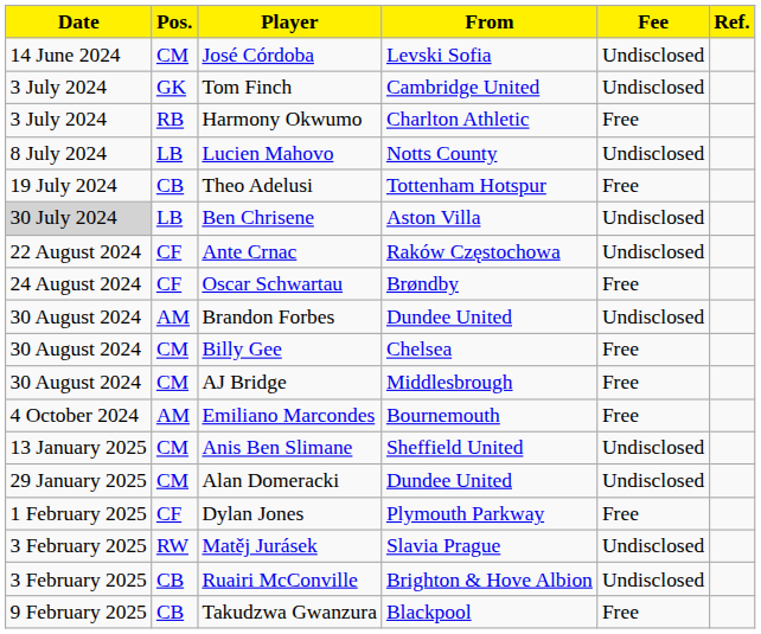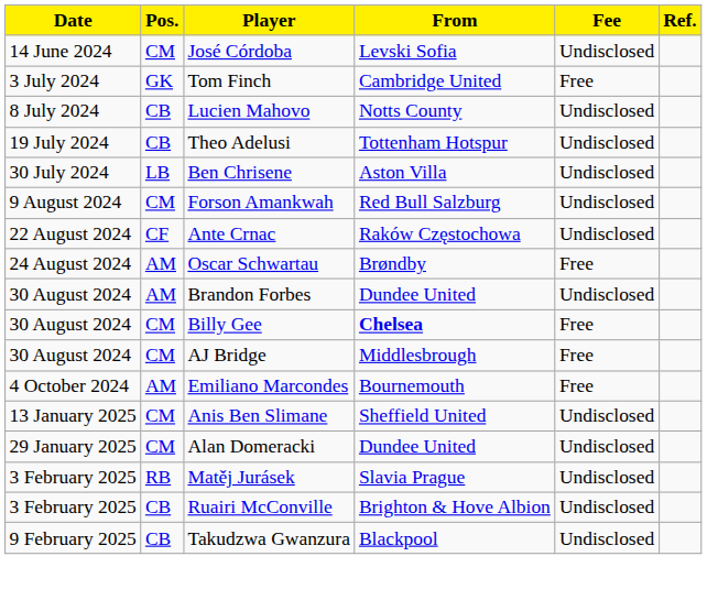 <table class="wikitable plainrowheaders sortable">
 <tr>
 <th style="background:#fff000;color:#000000;">Date</th>
 <th style="background:#fff000;color:#000000;">Pos.</th>
 <th style="background:#fff000;color:#000000;">Player</th>
 <th style="background:#fff000;color:#000000;">From</th>
 <th style="background:#fff000;color:#000000;">Fee</th>
 <th style="background:#fff000;color:#000000;">Ref.</th>
 </tr>
 <tr>
 <td>14 June 2024</td>
 <td><a href='#'>CM</a></td>
 <td> <a href='#'>José Córdoba</a></td>
 <td> <a href='#'>Levski Sofia</a></td>
 <td>Undisclosed</td>
 <td></td>
 </tr>
 <tr>
 <td>3 July 2024</td>
 <td><a href='#'>GK</a></td>
 <td> Tom Finch</td>
 <td> <a href='#'>Cambridge United</a></td>
-<td>Undisclosed</td>
-<td></td>
-</tr>
-<tr>
-<td>3 July 2024</td>
-<td><a href='#'>RB</a></td>
-<td> Harmony Okwumo</td>
-<td> <a href='#'>Charlton Athletic</a></td>
 <td>Free</td>
 <td></td>
 </tr>
 <tr>
 <td>8 July 2024</td>
-<td><a href='#'>LB</a></td>
+<td><a href='#'>CB</a></td>
 <td> <a href='#'>Lucien Mahovo</a></td>
 <td> <a href='#'>Notts County</a></td>
 <td>Undisclosed</td>
 <td></td>
 </tr>
 <tr>
 <td>19 July 2024</td>
 <td><a href='#'>CB</a></td>
 <td> Theo Adelusi</td>
 <td> <a href='#'>Tottenham Hotspur</a></td>
-<td>Free</td>
+<td>Undisclosed</td>
 <td></td>
 </tr>
 <tr>
-<td style="background: lightgrey;">30 July 2024</td>
+<td>30 July 2024</td>
 <td><a href='#'>LB</a></td>
 <td> <a href='#'>Ben Chrisene</a></td>
 <td> <a href='#'>Aston Villa</a></td>
+<td>Undisclosed</td>
+<td></td>
+</tr>
+<tr>
+<td>9 August 2024</td>
+<td><a href='#'>CM</a></td>
+<td> <a href='#'>Forson Amankwah</a></td>
+<td> <a href='#'>Red Bull Salzburg</a></td>
 <td>Undisclosed</td>
 <td></td>
 </tr>
 <tr>
 <td>22 August 2024</td>
 <td><a href='#'>CF</a></td>
 <td> <a href='#'>Ante Crnac</a></td>
 <td> <a href='#'>Raków Częstochowa</a></td>
 <td>Undisclosed</td>
 <td></td>
 </tr>
 <tr>
 <td>24 August 2024</td>
-<td><a href='#'>CF</a></td>
+<td><a href='#'>AM</a></td>
 <td> <a href='#'>Oscar Schwartau</a></td>
 <td> <a href='#'>Brøndby</a></td>
 <td>Free</td>
 <td></td>
 </tr>
 <tr>
 <td>30 August 2024</td>
 <td><a href='#'>AM</a></td>
 <td> Brandon Forbes</td>
 <td> <a href='#'>Dundee United</a></td>
 <td>Undisclosed</td>
 <td></td>
 </tr>
 <tr>
 <td>30 August 2024</td>
 <td><a href='#'>CM</a></td>
 <td> <a href='#'>Billy Gee</a></td>
-<td> <a href='#'>Chelsea</a></td>
+<td><strong> <a href='#'>Chelsea</a></strong></td>
 <td>Free</td>
 <td></td>
 </tr>
 <tr>
 <td>30 August 2024</td>
 <td><a href='#'>CM</a></td>
 <td> AJ Bridge</td>
 <td> <a href='#'>Middlesbrough</a></td>
 <td>Free</td>
 <td></td>
 </tr>
 <tr>
 <td>4 October 2024</td>
 <td><a href='#'>AM</a></td>
 <td> <a href='#'>Emiliano Marcondes</a></td>
 <td> <a href='#'>Bournemouth</a></td>
 <td>Free</td>
 <td></td>
 </tr>
 <tr>
 <td>13 January 2025</td>
 <td><a href='#'>CM</a></td>
 <td> <a href='#'>Anis Ben Slimane</a></td>
 <td> <a href='#'>Sheffield United</a></td>
 <td>Undisclosed</td>
 <td></td>
 </tr>
 <tr>
 <td>29 January 2025</td>
 <td><a href='#'>CM</a></td>
 <td> Alan Domeracki</td>
 <td> <a href='#'>Dundee United</a></td>
 <td>Undisclosed</td>
 <td></td>
 </tr>
 <tr>
-<td>1 February 2025</td>
-<td><a href='#'>CF</a></td>
-<td> Dylan Jones</td>
-<td> <a href='#'>Plymouth Parkway</a></td>
-<td>Free</td>
-<td></td>
-</tr>
-<tr>
 <td>3 February 2025</td>
-<td><a href='#'>RW</a></td>
+<td><a href='#'>RB</a></td>
 <td> <a href='#'>Matěj Jurásek</a></td>
 <td> <a href='#'>Slavia Prague</a></td>
 <td>Undisclosed</td>
 <td></td>
 </tr>
 <tr>
 <td>3 February 2025</td>
 <td><a href='#'>CB</a></td>
 <td> <a href='#'>Ruairi McConville</a></td>
 <td> <a href='#'>Brighton & Hove Albion</a></td>
 <td>Undisclosed</td>
 <td></td>
 </tr>
 <tr>
 <td>9 February 2025</td>
 <td><a href='#'>CB</a></td>
 <td> Takudzwa Gwanzura</td>
 <td> <a href='#'>Blackpool</a></td>
-<td>Free</td>
+<td>Undisclosed</td>
 <td></td>
 </tr>
 </table>
